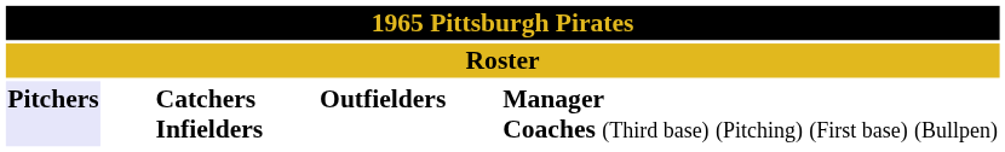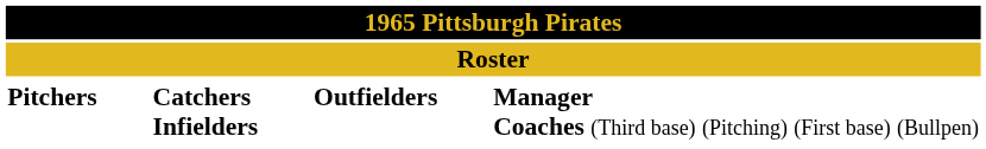 <table class="toccolours" style="font-size: 95%;">
 <tr>
 <th colspan="10" style="background-color: black; color: #e1b81e; text-align: center;">1965 Pittsburgh Pirates</th>
 </tr>
 <tr>
 <td colspan="10" style="background-color: #e1b81e; color: black; text-align: center;"><strong>Roster</strong></td>
 </tr>
 <tr>
-<td valign="top" style="background: lavender;"><strong>Pitchers</strong><br>            </td>
+<td valign="top"><strong>Pitchers</strong><br>            </td>
 <td width="25px"></td>
 <td valign="top"><strong>Catchers</strong><br>     <strong>Infielders</strong>        </td>
 <td width="25px"></td>
 <td valign="top"><strong>Outfielders</strong><br>      </td>
 <td width="25px"></td>
 <td valign="top"><strong>Manager</strong><br> <strong>Coaches</strong>  <small>(Third base)</small>  <small>(Pitching)</small>  <small>(First base)</small>  <small>(Bullpen)</small></td>
 </tr>
 </table>
